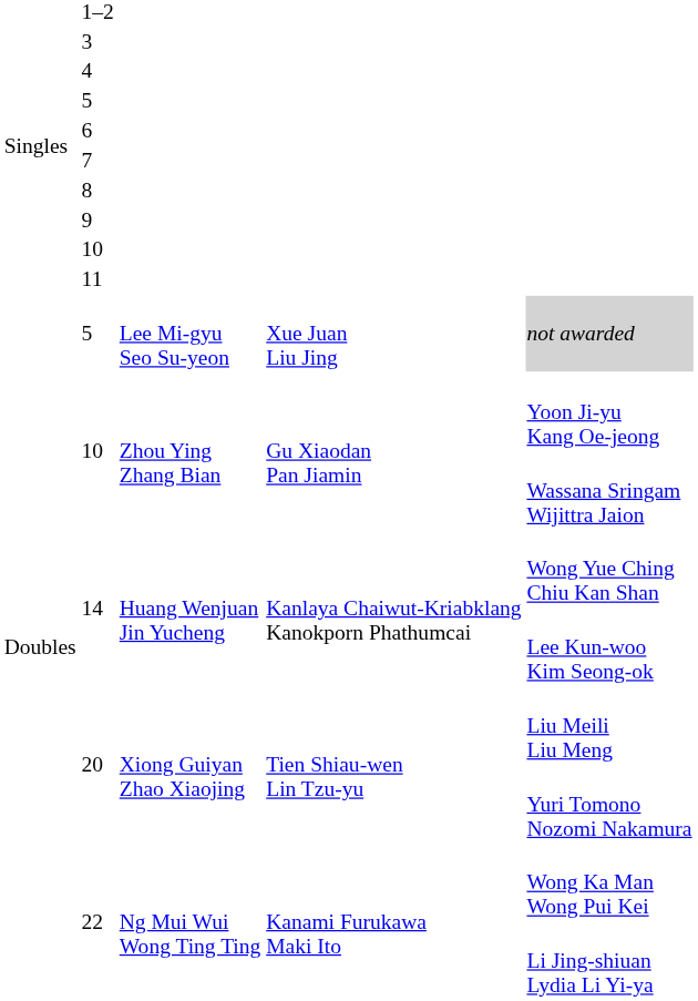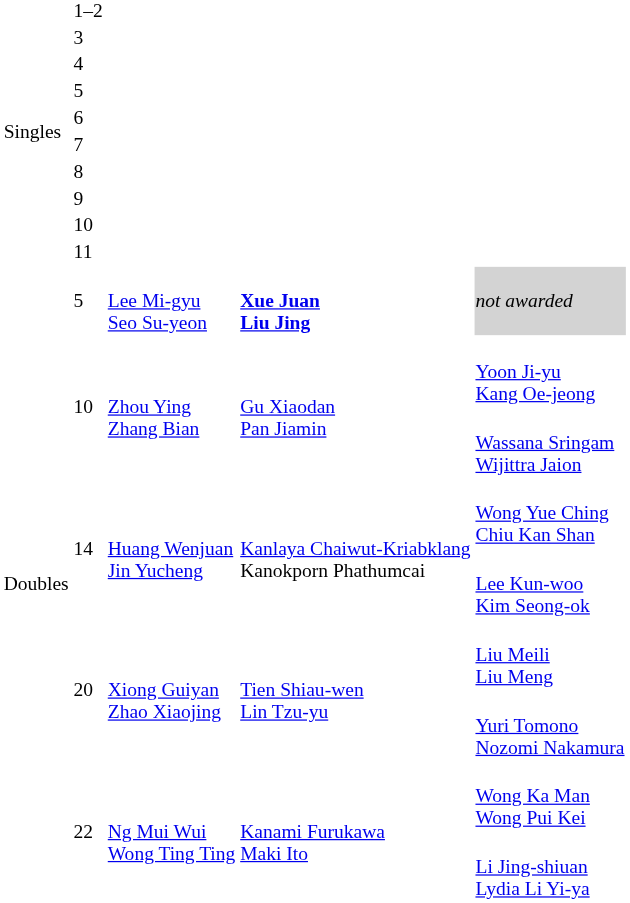 <table>
 <tr>
 <td rowspan=20>Singles</td>
 <td rowspan=2>1–2</td>
 <td rowspan=2></td>
 <td rowspan=2></td>
 <td nowrap></td>
 </tr>
 <tr>
 <td></td>
 </tr>
 <tr>
 <td rowspan=2>3</td>
 <td rowspan=2></td>
 <td rowspan=2></td>
 <td></td>
 </tr>
 <tr>
 <td></td>
 </tr>
 <tr>
 <td rowspan=2>4</td>
 <td rowspan=2></td>
 <td rowspan=2></td>
 <td></td>
 </tr>
 <tr>
 <td></td>
 </tr>
 <tr>
 <td rowspan=2>5</td>
 <td rowspan=2></td>
 <td rowspan=2></td>
 <td></td>
 </tr>
 <tr>
 <td></td>
 </tr>
 <tr>
 <td rowspan=2>6</td>
 <td rowspan=2></td>
 <td rowspan=2></td>
 <td></td>
 </tr>
 <tr>
 <td></td>
 </tr>
 <tr>
 <td rowspan=2>7</td>
 <td rowspan=2></td>
 <td rowspan=2></td>
 <td></td>
 </tr>
 <tr>
 <td></td>
 </tr>
 <tr>
 <td rowspan=2>8</td>
 <td rowspan=2></td>
 <td rowspan=2></td>
 <td nowrap></td>
 </tr>
 <tr>
 <td></td>
 </tr>
 <tr>
 <td rowspan=2>9</td>
 <td rowspan=2></td>
 <td rowspan=2></td>
 <td></td>
 </tr>
 <tr>
 <td></td>
 </tr>
 <tr>
 <td rowspan=2>10</td>
 <td rowspan=2 nowrap></td>
 <td rowspan=2></td>
 <td></td>
 </tr>
 <tr>
 <td></td>
 </tr>
 <tr>
 <td rowspan=2>11</td>
 <td rowspan=2></td>
 <td rowspan=2></td>
 <td></td>
 </tr>
 <tr>
 <td></td>
 </tr>
 <tr>
 <td rowspan=9>Doubles</td>
 <td>5</td>
 <td><br><a href='#'>Lee Mi-gyu</a><br><a href='#'>Seo Su-yeon</a></td>
-<td><br><a href='#'>Xue Juan</a><br><a href='#'>Liu Jing</a></td>
+<td><strong><br><a href='#'>Xue Juan</a><br><a href='#'>Liu Jing</a></strong></td>
 <td style="background: lightgrey;"><em>not awarded</em></td>
 </tr>
 <tr>
 <td rowspan=2>10</td>
 <td rowspan=2><br><a href='#'>Zhou Ying</a><br><a href='#'>Zhang Bian</a></td>
 <td rowspan=2><br><a href='#'>Gu Xiaodan</a><br><a href='#'>Pan Jiamin</a></td>
 <td><br><a href='#'>Yoon Ji-yu</a><br><a href='#'>Kang Oe-jeong</a></td>
 </tr>
 <tr>
 <td><br><a href='#'>Wassana Sringam</a><br><a href='#'>Wijittra Jaion</a></td>
 </tr>
 <tr>
 <td rowspan=2>14</td>
 <td rowspan=2><br><a href='#'>Huang Wenjuan</a><br><a href='#'>Jin Yucheng</a></td>
 <td rowspan=2 nowrap><br><a href='#'>Kanlaya Chaiwut-Kriabklang</a><br>Kanokporn Phathumcai</td>
 <td><br><a href='#'>Wong Yue Ching</a><br><a href='#'>Chiu Kan Shan</a></td>
 </tr>
 <tr>
 <td><br><a href='#'>Lee Kun-woo</a><br><a href='#'>Kim Seong-ok</a></td>
 </tr>
 <tr>
 <td rowspan=2>20</td>
 <td rowspan=2><br><a href='#'>Xiong Guiyan</a><br><a href='#'>Zhao Xiaojing</a></td>
 <td rowspan=2><br><a href='#'>Tien Shiau-wen</a><br><a href='#'>Lin Tzu-yu</a></td>
 <td><br><a href='#'>Liu Meili</a><br><a href='#'>Liu Meng</a></td>
 </tr>
 <tr>
 <td><br><a href='#'>Yuri Tomono</a><br><a href='#'>Nozomi Nakamura</a></td>
 </tr>
 <tr>
 <td rowspan=2>22</td>
 <td rowspan=2><br><a href='#'>Ng Mui Wui</a><br><a href='#'>Wong Ting Ting</a></td>
 <td rowspan=2><br><a href='#'>Kanami Furukawa</a><br><a href='#'>Maki Ito</a></td>
 <td><br><a href='#'>Wong Ka Man</a><br><a href='#'>Wong Pui Kei</a></td>
 </tr>
 <tr>
 <td><br><a href='#'>Li Jing-shiuan</a><br><a href='#'>Lydia Li Yi-ya</a></td>
 </tr>
 </table>
